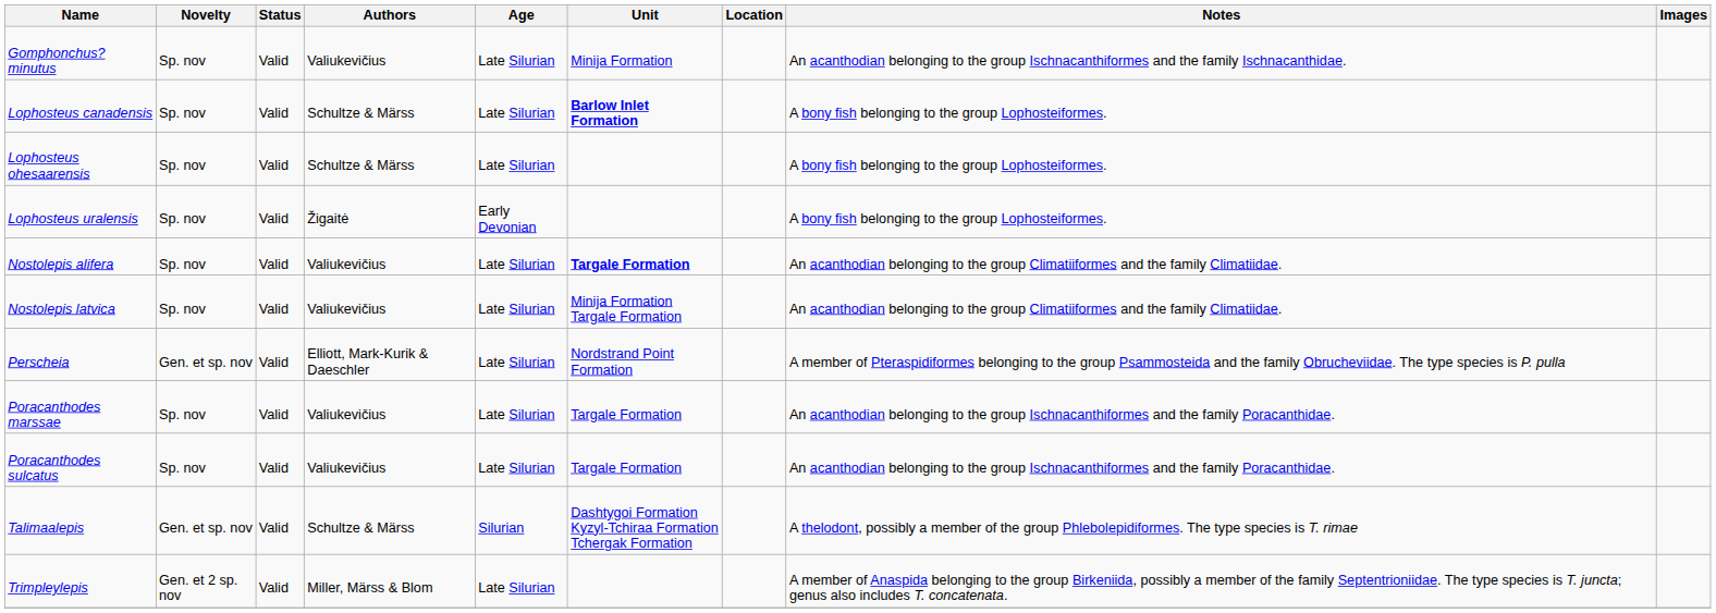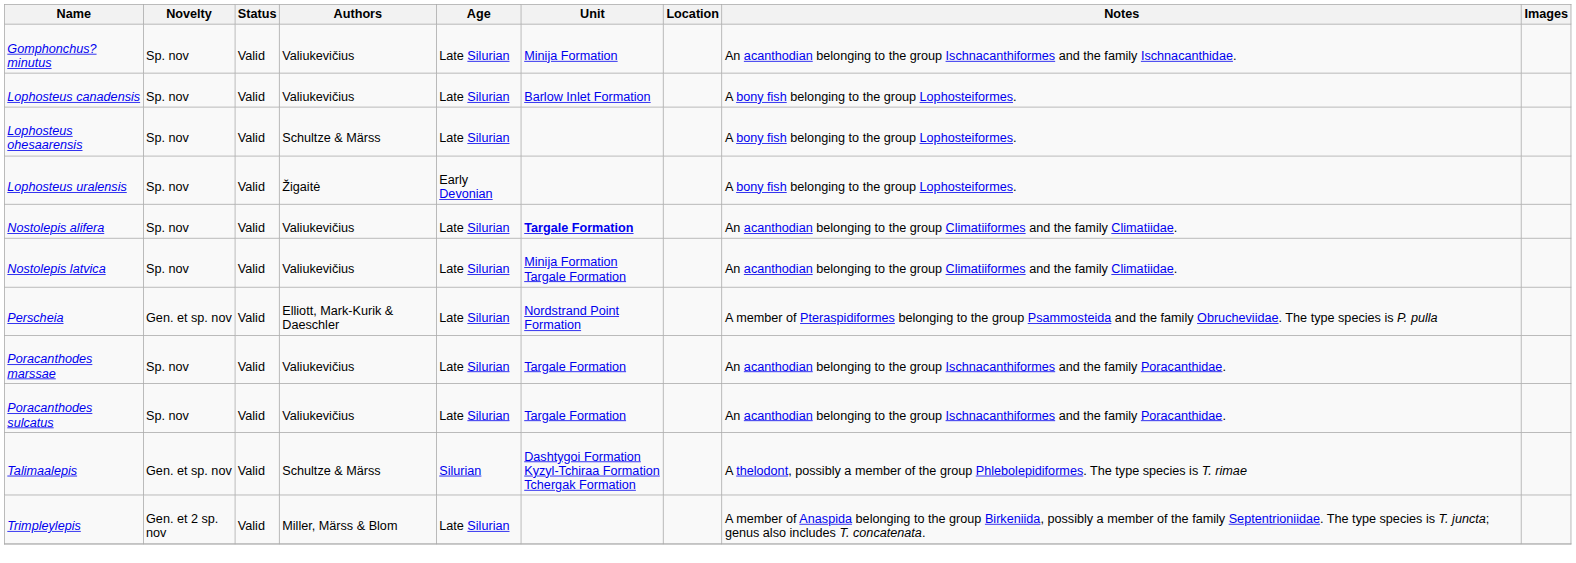 <table class="wikitable sortable" align="center" width="100%">
 <tr>
 <th>Name</th>
 <th>Novelty</th>
 <th>Status</th>
 <th>Authors</th>
 <th>Age</th>
 <th>Unit</th>
 <th>Location</th>
 <th>Notes</th>
 <th>Images</th>
 </tr>
 <tr>
 <td><br><em><a href='#'>Gomphonchus? minutus</a></em></td>
 <td><br>Sp. nov</td>
 <td><br>Valid</td>
 <td><br>Valiukevičius</td>
 <td><br>Late <a href='#'>Silurian</a></td>
 <td><br><a href='#'>Minija Formation</a></td>
 <td><br></td>
 <td><br>An <a href='#'>acanthodian</a> belonging to the group <a href='#'>Ischnacanthiformes</a> and the family <a href='#'>Ischnacanthidae</a>.</td>
 <td></td>
 </tr>
 <tr>
 <td><br><em><a href='#'>Lophosteus canadensis</a></em></td>
 <td><br>Sp. nov</td>
 <td><br>Valid</td>
-<td><br>Schultze & Märss</td>
+<td><br>Valiukevičius</td>
 <td><br>Late <a href='#'>Silurian</a></td>
-<td><strong><br><a href='#'>Barlow Inlet Formation</a></strong></td>
+<td><br><a href='#'>Barlow Inlet Formation</a></td>
 <td><br></td>
 <td><br>A <a href='#'>bony fish</a> belonging to the group <a href='#'>Lophosteiformes</a>.</td>
 <td></td>
 </tr>
 <tr>
 <td><br><em><a href='#'>Lophosteus ohesaarensis</a></em></td>
 <td><br>Sp. nov</td>
 <td><br>Valid</td>
 <td><br>Schultze & Märss</td>
 <td><br>Late <a href='#'>Silurian</a></td>
 <td></td>
 <td><br><br> </td>
 <td><br>A <a href='#'>bony fish</a> belonging to the group <a href='#'>Lophosteiformes</a>.</td>
 <td></td>
 </tr>
 <tr>
 <td><br><em><a href='#'>Lophosteus uralensis</a></em></td>
 <td><br>Sp. nov</td>
 <td><br>Valid</td>
 <td><br>Žigaitė</td>
 <td><br>Early <a href='#'>Devonian</a></td>
 <td></td>
 <td><br></td>
 <td><br>A <a href='#'>bony fish</a> belonging to the group <a href='#'>Lophosteiformes</a>.</td>
 <td></td>
 </tr>
 <tr>
 <td><br><em><a href='#'>Nostolepis alifera</a></em></td>
 <td><br>Sp. nov</td>
 <td><br>Valid</td>
 <td><br>Valiukevičius</td>
 <td><br>Late <a href='#'>Silurian</a></td>
 <td><strong><br><a href='#'>Targale Formation</a></strong></td>
 <td><br></td>
 <td><br>An <a href='#'>acanthodian</a> belonging to the group <a href='#'>Climatiiformes</a> and the family <a href='#'>Climatiidae</a>.</td>
 <td></td>
 </tr>
 <tr>
 <td><br><em><a href='#'>Nostolepis latvica</a></em></td>
 <td><br>Sp. nov</td>
 <td><br>Valid</td>
 <td><br>Valiukevičius</td>
 <td><br>Late <a href='#'>Silurian</a></td>
 <td><br><a href='#'>Minija Formation</a><br> <a href='#'>Targale Formation</a></td>
 <td><br></td>
 <td><br>An <a href='#'>acanthodian</a> belonging to the group <a href='#'>Climatiiformes</a> and the family <a href='#'>Climatiidae</a>.</td>
 <td></td>
 </tr>
 <tr>
 <td><br><em><a href='#'>Perscheia</a></em></td>
 <td><br>Gen. et sp. nov</td>
 <td><br>Valid</td>
 <td><br>Elliott, Mark-Kurik & Daeschler</td>
 <td><br>Late <a href='#'>Silurian</a></td>
 <td><br><a href='#'>Nordstrand Point Formation</a></td>
 <td><br></td>
 <td><br>A member of <a href='#'>Pteraspidiformes</a> belonging to the group <a href='#'>Psammosteida</a> and the family <a href='#'>Obrucheviidae</a>. The type species is <em>P. pulla</em></td>
 <td></td>
 </tr>
 <tr>
 <td><br><em><a href='#'>Poracanthodes marssae</a></em></td>
 <td><br>Sp. nov</td>
 <td><br>Valid</td>
 <td><br>Valiukevičius</td>
 <td><br>Late <a href='#'>Silurian</a></td>
 <td><br><a href='#'>Targale Formation</a></td>
 <td><br><br> </td>
 <td><br>An <a href='#'>acanthodian</a> belonging to the group <a href='#'>Ischnacanthiformes</a> and the family <a href='#'>Poracanthidae</a>.</td>
 <td></td>
 </tr>
 <tr>
 <td><br><em><a href='#'>Poracanthodes sulcatus</a></em></td>
 <td><br>Sp. nov</td>
 <td><br>Valid</td>
 <td><br>Valiukevičius</td>
 <td><br>Late <a href='#'>Silurian</a></td>
 <td><br><a href='#'>Targale Formation</a></td>
 <td><br><br> </td>
 <td><br>An <a href='#'>acanthodian</a> belonging to the group <a href='#'>Ischnacanthiformes</a> and the family <a href='#'>Poracanthidae</a>.</td>
 <td></td>
 </tr>
 <tr>
 <td><br><em><a href='#'>Talimaalepis</a></em></td>
 <td><br>Gen. et sp. nov</td>
 <td><br>Valid</td>
 <td><br>Schultze & Märss</td>
 <td><br><a href='#'>Silurian</a></td>
 <td><br><a href='#'>Dashtygoi Formation</a><br> <a href='#'>Kyzyl-Tchiraa Formation</a><br> <a href='#'>Tchergak Formation</a></td>
 <td><br><br> </td>
 <td><br>A <a href='#'>thelodont</a>, possibly a member of the group <a href='#'>Phlebolepidiformes</a>. The type species is <em>T. rimae</em></td>
 <td></td>
 </tr>
 <tr>
 <td><br><em><a href='#'>Trimpleylepis</a></em></td>
 <td><br>Gen. et 2 sp. nov</td>
 <td><br>Valid</td>
 <td><br>Miller, Märss & Blom</td>
 <td><br>Late <a href='#'>Silurian</a></td>
 <td></td>
 <td><br><br> </td>
 <td><br>A member of <a href='#'>Anaspida</a> belonging to the group <a href='#'>Birkeniida</a>, possibly a member of the family <a href='#'>Septentrioniidae</a>. The type species is <em>T. juncta</em>; genus also includes <em>T. concatenata</em>.</td>
 <td></td>
 </tr>
 <tr>
 </tr>
 </table>
